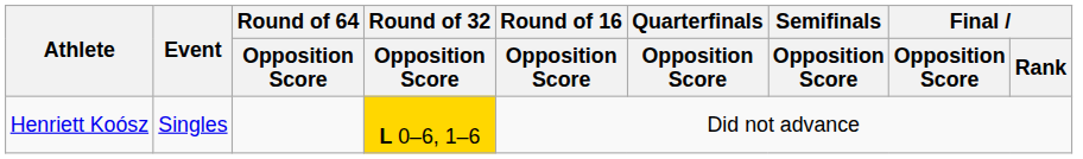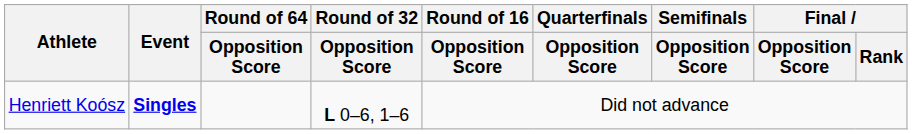 <table class=wikitable>
 <tr>
 <th rowspan="2">Athlete</th>
 <th rowspan="2">Event</th>
 <th>Round of 64</th>
 <th>Round of 32</th>
 <th>Round of 16</th>
 <th>Quarterfinals</th>
 <th>Semifinals</th>
 <th colspan="2">Final / </th>
 </tr>
 <tr>
 <th>Opposition<br>Score</th>
 <th>Opposition<br>Score</th>
 <th>Opposition<br>Score</th>
 <th>Opposition<br>Score</th>
 <th>Opposition<br>Score</th>
 <th>Opposition<br>Score</th>
 <th>Rank</th>
 </tr>
 <tr>
 <td><a href='#'>Henriett Koósz</a></td>
-<td><a href='#'>Singles</a></td>
+<td><strong><a href='#'>Singles</a></strong></td>
 <td></td>
-<td align=center style="background: gold;"> <br> <strong>L</strong> 0–6, 1–6</td>
+<td align=center> <br> <strong>L</strong> 0–6, 1–6</td>
 <td colspan=5 align=center>Did not advance</td>
 </tr>
 </table>
